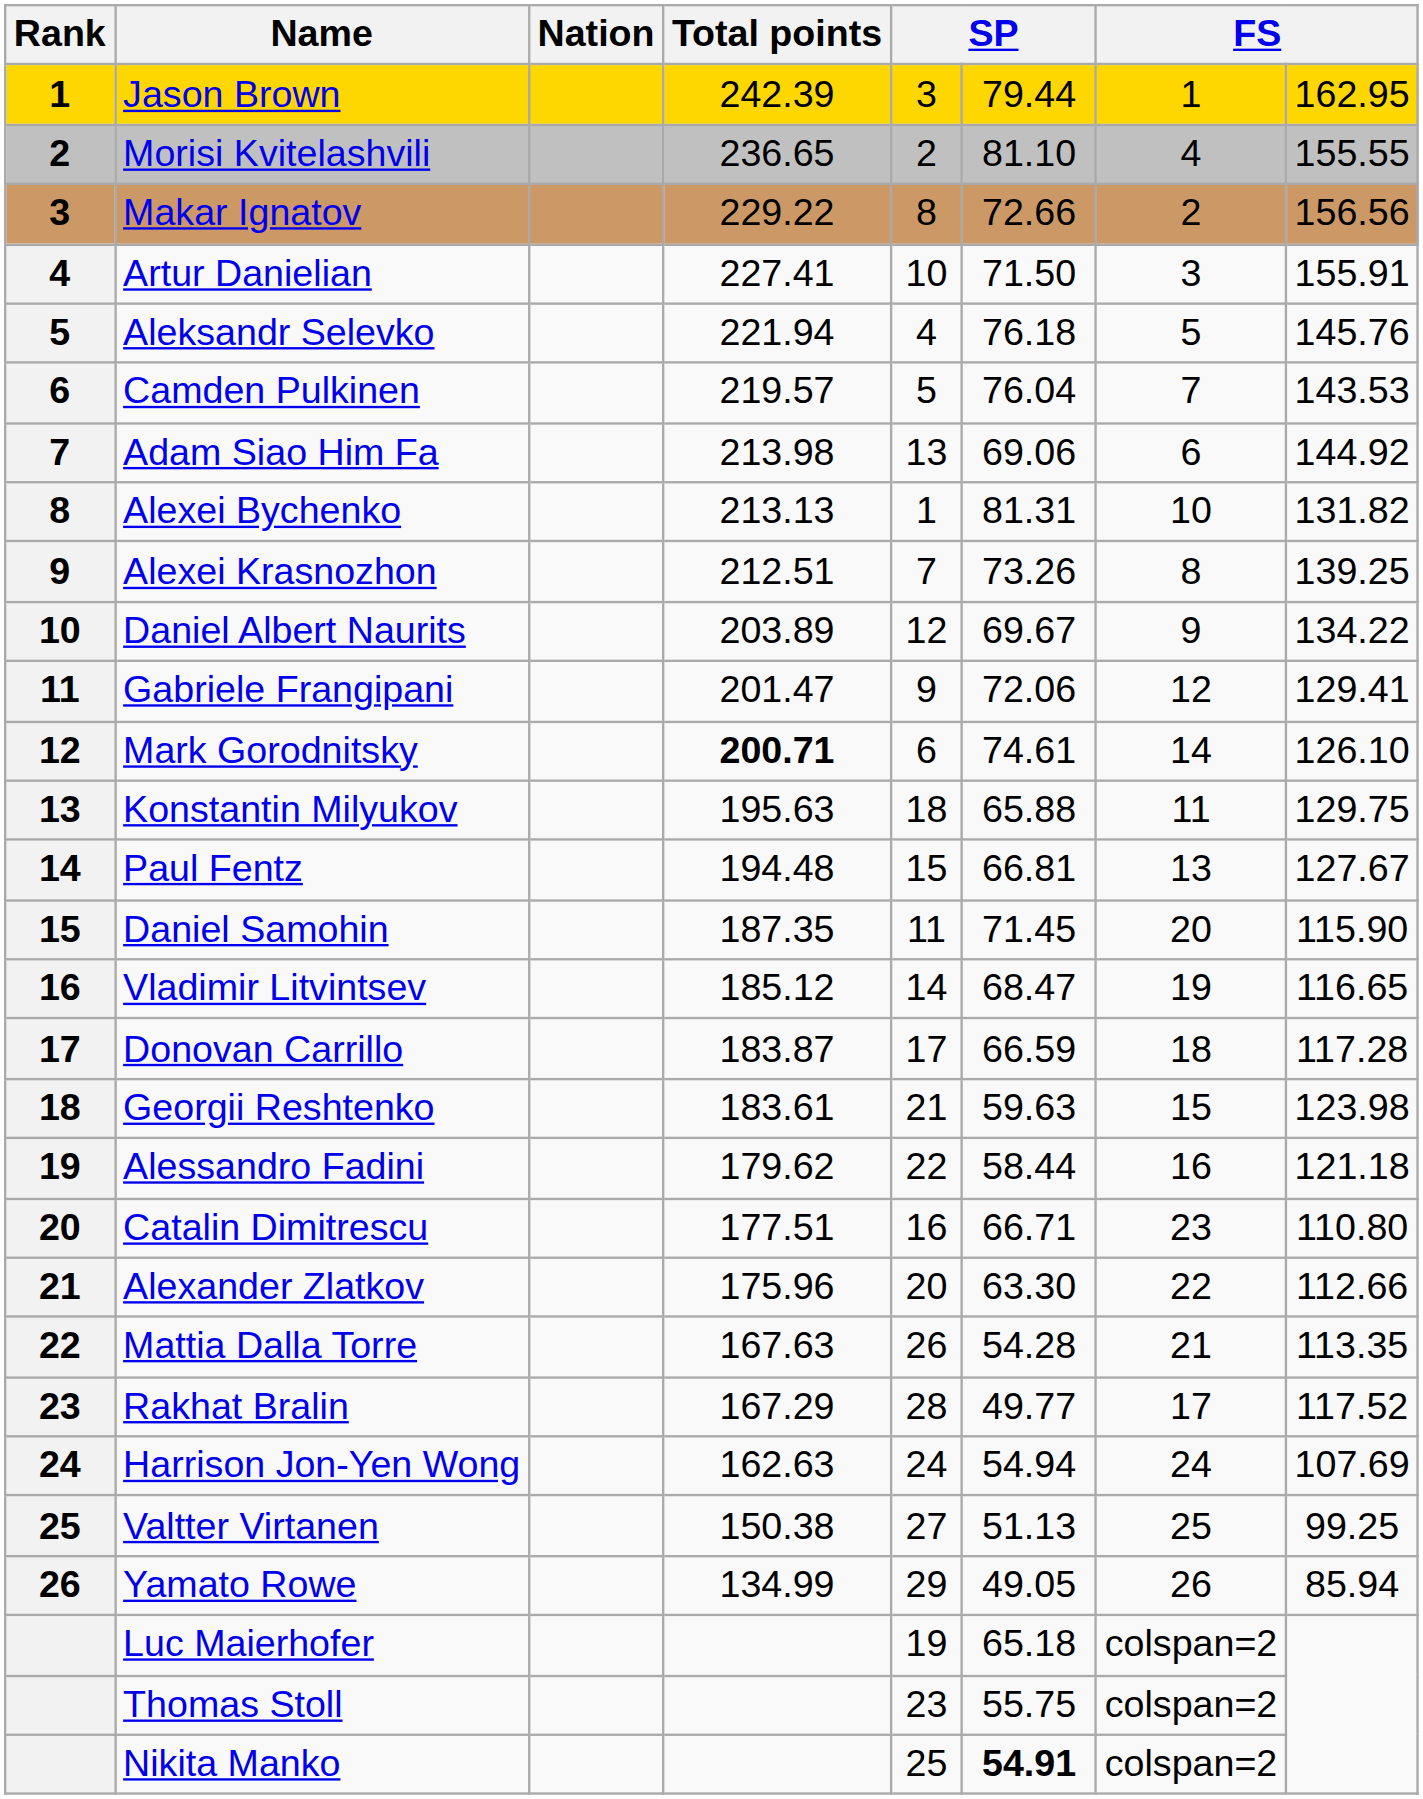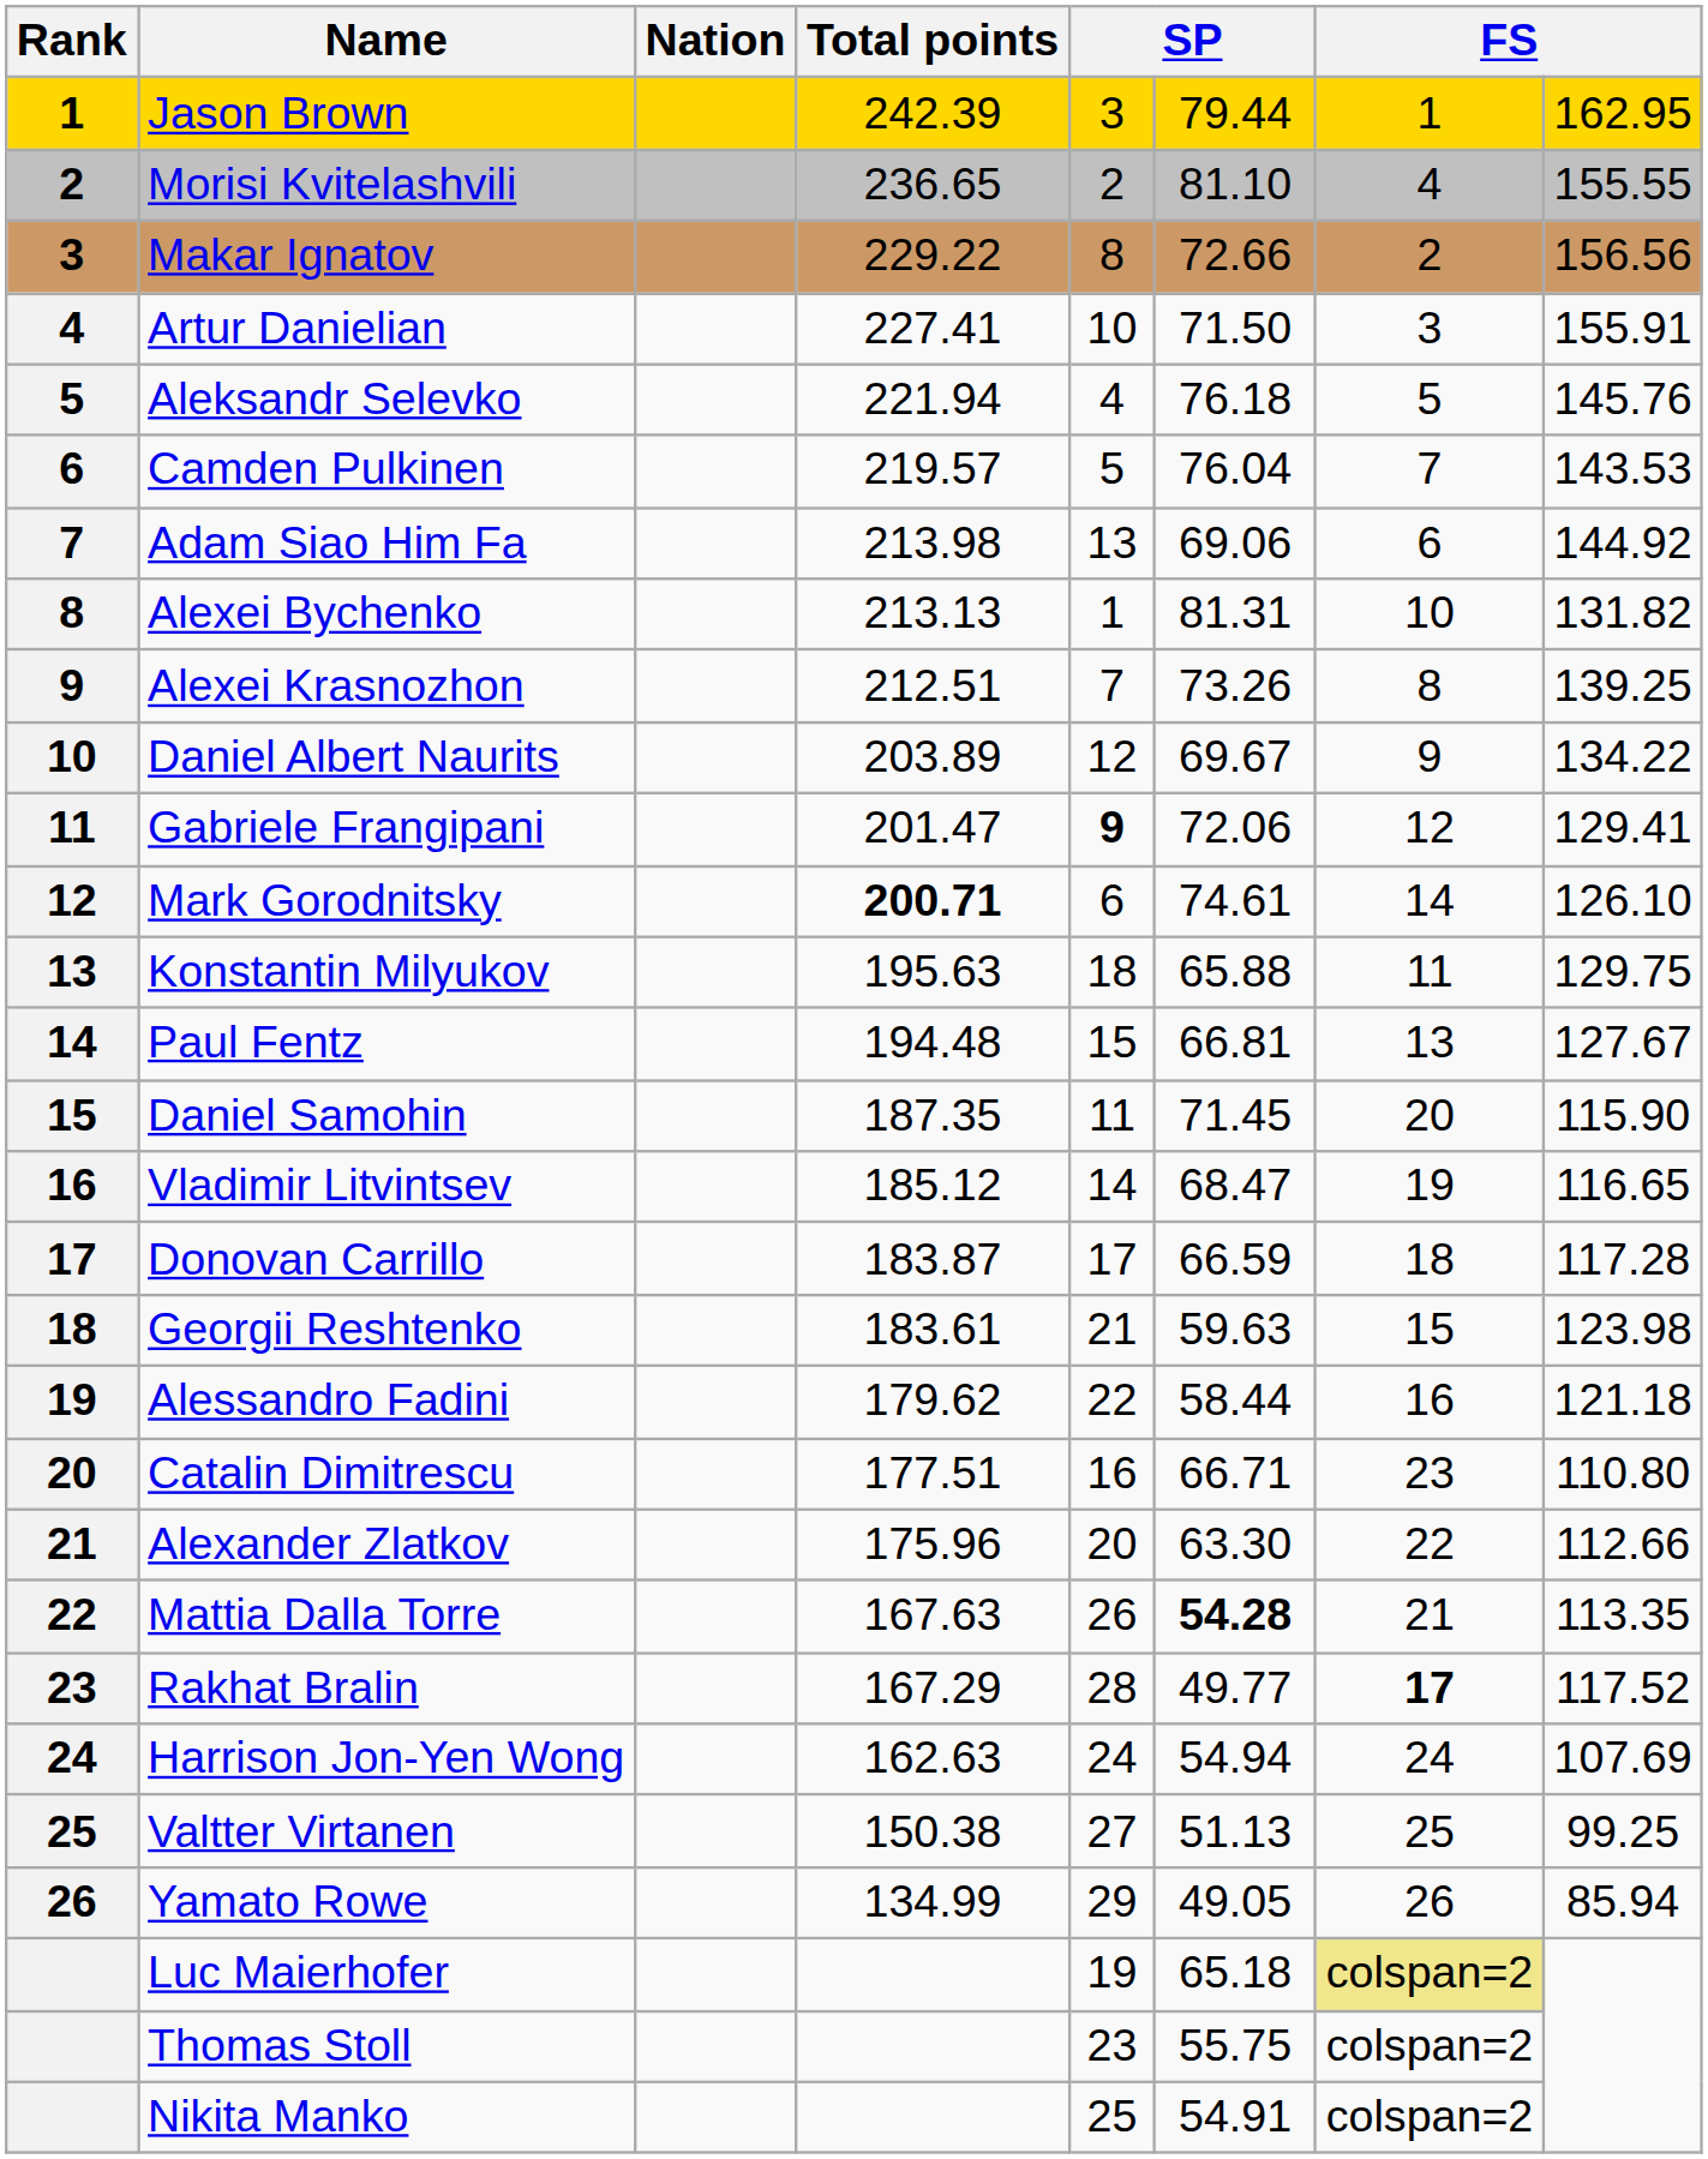 <table class="wikitable sortable">
 <tr>
 <th>Rank</th>
 <th>Name</th>
 <th>Nation</th>
 <th>Total points</th>
 <th colspan="2" width="80px"><a href='#'>SP</a></th>
 <th colspan="2" width="80px"><a href='#'>FS</a></th>
 </tr>
 <tr bgcolor="gold">
 <td align="center"><strong>1</strong></td>
 <td><a href='#'>Jason Brown</a></td>
 <td></td>
 <td align="center">242.39</td>
 <td align="center">3</td>
 <td align="center">79.44</td>
 <td align="center">1</td>
 <td align="center">162.95</td>
 </tr>
 <tr bgcolor="silver">
 <td align="center"><strong>2</strong></td>
 <td><a href='#'>Morisi Kvitelashvili</a></td>
 <td></td>
 <td align="center">236.65</td>
 <td align="center">2</td>
 <td align="center">81.10</td>
 <td align="center">4</td>
 <td align="center">155.55</td>
 </tr>
 <tr bgcolor="cc9966">
 <td align="center"><strong>3</strong></td>
 <td><a href='#'>Makar Ignatov</a></td>
 <td></td>
 <td align="center">229.22</td>
 <td align="center">8</td>
 <td align="center">72.66</td>
 <td align="center">2</td>
 <td align="center">156.56</td>
 </tr>
 <tr>
 <th>4</th>
 <td><a href='#'>Artur Danielian</a></td>
 <td></td>
 <td align="center">227.41</td>
 <td align="center">10</td>
 <td align="center">71.50</td>
 <td align="center">3</td>
 <td align="center">155.91</td>
 </tr>
 <tr>
 <th>5</th>
 <td><a href='#'>Aleksandr Selevko</a></td>
 <td></td>
 <td align="center">221.94</td>
 <td align="center">4</td>
 <td align="center">76.18</td>
 <td align="center">5</td>
 <td align="center">145.76</td>
 </tr>
 <tr>
 <th>6</th>
 <td><a href='#'>Camden Pulkinen</a></td>
 <td></td>
 <td align="center">219.57</td>
 <td align="center">5</td>
 <td align="center">76.04</td>
 <td align="center">7</td>
 <td align="center">143.53</td>
 </tr>
 <tr>
 <th>7</th>
 <td><a href='#'>Adam Siao Him Fa</a></td>
 <td></td>
 <td align="center">213.98</td>
 <td align="center">13</td>
 <td align="center">69.06</td>
 <td align="center">6</td>
 <td align="center">144.92</td>
 </tr>
 <tr>
 <th>8</th>
 <td><a href='#'>Alexei Bychenko</a></td>
 <td></td>
 <td align="center">213.13</td>
 <td align="center">1</td>
 <td align="center">81.31</td>
 <td align="center">10</td>
 <td align="center">131.82</td>
 </tr>
 <tr>
 <th>9</th>
 <td><a href='#'>Alexei Krasnozhon</a></td>
 <td></td>
 <td align="center">212.51</td>
 <td align="center">7</td>
 <td align="center">73.26</td>
 <td align="center">8</td>
 <td align="center">139.25</td>
 </tr>
 <tr>
 <th>10</th>
 <td><a href='#'>Daniel Albert Naurits</a></td>
 <td></td>
 <td align="center">203.89</td>
 <td align="center">12</td>
 <td align="center">69.67</td>
 <td align="center">9</td>
 <td align="center">134.22</td>
 </tr>
 <tr>
 <th>11</th>
 <td><a href='#'>Gabriele Frangipani</a></td>
 <td></td>
 <td align="center">201.47</td>
-<td align="center">9</td>
+<td align="center"><strong>9</strong></td>
 <td align="center">72.06</td>
 <td align="center">12</td>
 <td align="center">129.41</td>
 </tr>
 <tr>
 <th>12</th>
 <td><a href='#'>Mark Gorodnitsky</a></td>
 <td></td>
 <td align="center"><strong>200.71</strong></td>
 <td align="center">6</td>
 <td align="center">74.61</td>
 <td align="center">14</td>
 <td align="center">126.10</td>
 </tr>
 <tr>
 <th>13</th>
 <td><a href='#'>Konstantin Milyukov</a></td>
 <td></td>
 <td align="center">195.63</td>
 <td align="center">18</td>
 <td align="center">65.88</td>
 <td align="center">11</td>
 <td align="center">129.75</td>
 </tr>
 <tr>
 <th>14</th>
 <td><a href='#'>Paul Fentz</a></td>
 <td></td>
 <td align="center">194.48</td>
 <td align="center">15</td>
 <td align="center">66.81</td>
 <td align="center">13</td>
 <td align="center">127.67</td>
 </tr>
 <tr>
 <th>15</th>
 <td><a href='#'>Daniel Samohin</a></td>
 <td></td>
 <td align="center">187.35</td>
 <td align="center">11</td>
 <td align="center">71.45</td>
 <td align="center">20</td>
 <td align="center">115.90</td>
 </tr>
 <tr>
 <th>16</th>
 <td><a href='#'>Vladimir Litvintsev</a></td>
 <td></td>
 <td align="center">185.12</td>
 <td align="center">14</td>
 <td align="center">68.47</td>
 <td align="center">19</td>
 <td align="center">116.65</td>
 </tr>
 <tr>
 <th>17</th>
 <td><a href='#'>Donovan Carrillo</a></td>
 <td></td>
 <td align="center">183.87</td>
 <td align="center">17</td>
 <td align="center">66.59</td>
 <td align="center">18</td>
 <td align="center">117.28</td>
 </tr>
 <tr>
 <th>18</th>
 <td><a href='#'>Georgii Reshtenko</a></td>
 <td></td>
 <td align="center">183.61</td>
 <td align="center">21</td>
 <td align="center">59.63</td>
 <td align="center">15</td>
 <td align="center">123.98</td>
 </tr>
 <tr>
 <th>19</th>
 <td><a href='#'>Alessandro Fadini</a></td>
 <td></td>
 <td align="center">179.62</td>
 <td align="center">22</td>
 <td align="center">58.44</td>
 <td align="center">16</td>
 <td align="center">121.18</td>
 </tr>
 <tr>
 <th>20</th>
 <td><a href='#'>Catalin Dimitrescu</a></td>
 <td></td>
 <td align="center">177.51</td>
 <td align="center">16</td>
 <td align="center">66.71</td>
 <td align="center">23</td>
 <td align="center">110.80</td>
 </tr>
 <tr>
 <th>21</th>
 <td><a href='#'>Alexander Zlatkov</a></td>
 <td></td>
 <td align="center">175.96</td>
 <td align="center">20</td>
 <td align="center">63.30</td>
 <td align="center">22</td>
 <td align="center">112.66</td>
 </tr>
 <tr>
 <th>22</th>
 <td><a href='#'>Mattia Dalla Torre</a></td>
 <td></td>
 <td align="center">167.63</td>
 <td align="center">26</td>
-<td align="center">54.28</td>
+<td align="center"><strong>54.28</strong></td>
 <td align="center">21</td>
 <td align="center">113.35</td>
 </tr>
 <tr>
 <th>23</th>
 <td><a href='#'>Rakhat Bralin</a></td>
 <td></td>
 <td align="center">167.29</td>
 <td align="center">28</td>
 <td align="center">49.77</td>
-<td align="center">17</td>
+<td align="center"><strong>17</strong></td>
 <td align="center">117.52</td>
 </tr>
 <tr>
 <th>24</th>
 <td><a href='#'>Harrison Jon-Yen Wong</a></td>
 <td></td>
 <td align="center">162.63</td>
 <td align="center">24</td>
 <td align="center">54.94</td>
 <td align="center">24</td>
 <td align="center">107.69</td>
 </tr>
 <tr>
 <th>25</th>
 <td><a href='#'>Valtter Virtanen</a></td>
 <td></td>
 <td align="center">150.38</td>
 <td align="center">27</td>
 <td align="center">51.13</td>
 <td align="center">25</td>
 <td align="center">99.25</td>
 </tr>
 <tr>
 <th>26</th>
 <td><a href='#'>Yamato Rowe</a></td>
 <td></td>
 <td align="center">134.99</td>
 <td align="center">29</td>
 <td align="center">49.05</td>
 <td align="center">26</td>
 <td align="center">85.94</td>
 </tr>
 <tr>
 <th></th>
 <td><a href='#'>Luc Maierhofer</a></td>
 <td></td>
 <td></td>
 <td align="center">19</td>
 <td align="center">65.18</td>
-<td>colspan=2 </td>
+<td style="background: khaki;">colspan=2 </td>
 </tr>
 <tr>
 <th></th>
 <td><a href='#'>Thomas Stoll</a></td>
 <td></td>
 <td></td>
 <td align="center">23</td>
 <td align="center">55.75</td>
 <td>colspan=2 </td>
 </tr>
 <tr>
 <th></th>
 <td><a href='#'>Nikita Manko</a></td>
 <td></td>
 <td></td>
 <td align="center">25</td>
-<td align="center"><strong>54.91</strong></td>
+<td align="center">54.91</td>
 <td>colspan=2 </td>
 </tr>
 </table>
